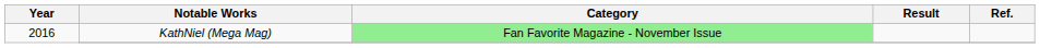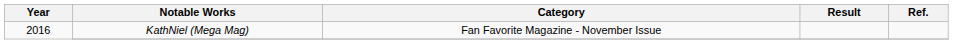 <table class="wikitable" style="text-align:center" width=70%>
 <tr>
 <th>Year</th>
 <th>Notable Works</th>
 <th>Category</th>
 <th>Result</th>
 <th>Ref.</th>
 </tr>
 <tr>
 <td rowspan=2>2016</td>
 <td><em>KathNiel (Mega Mag)</em></td>
-<td style="background: lightgreen;">Fan Favorite Magazine - November Issue</td>
+<td>Fan Favorite Magazine - November Issue</td>
 <td></td>
 <td></td>
 </tr>
 <tr>
 </tr>
 </table>
